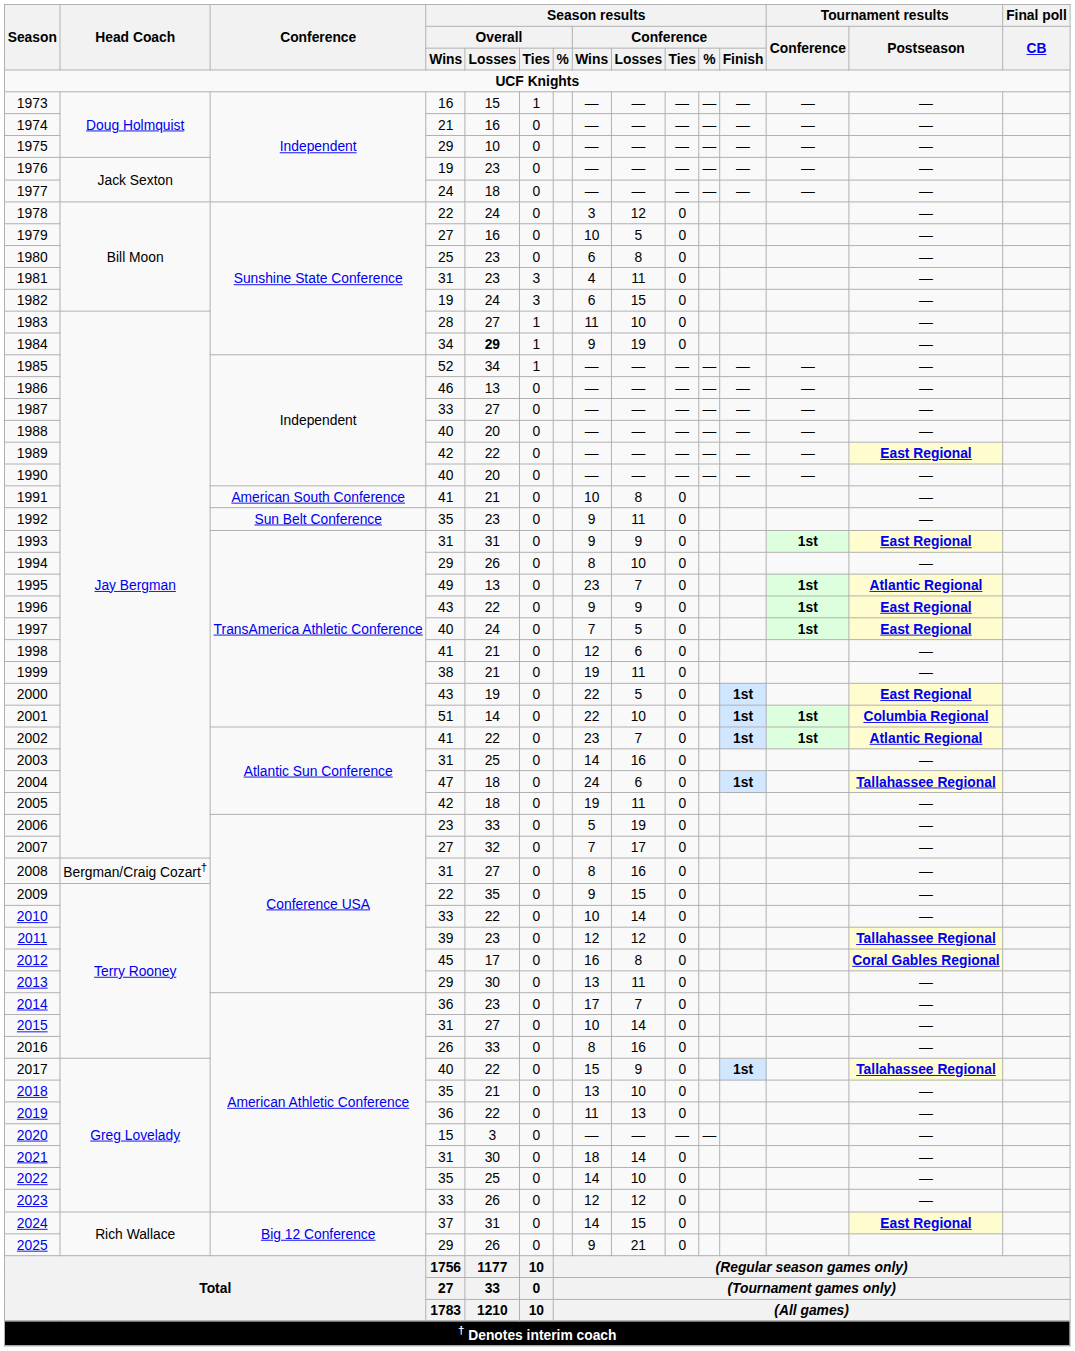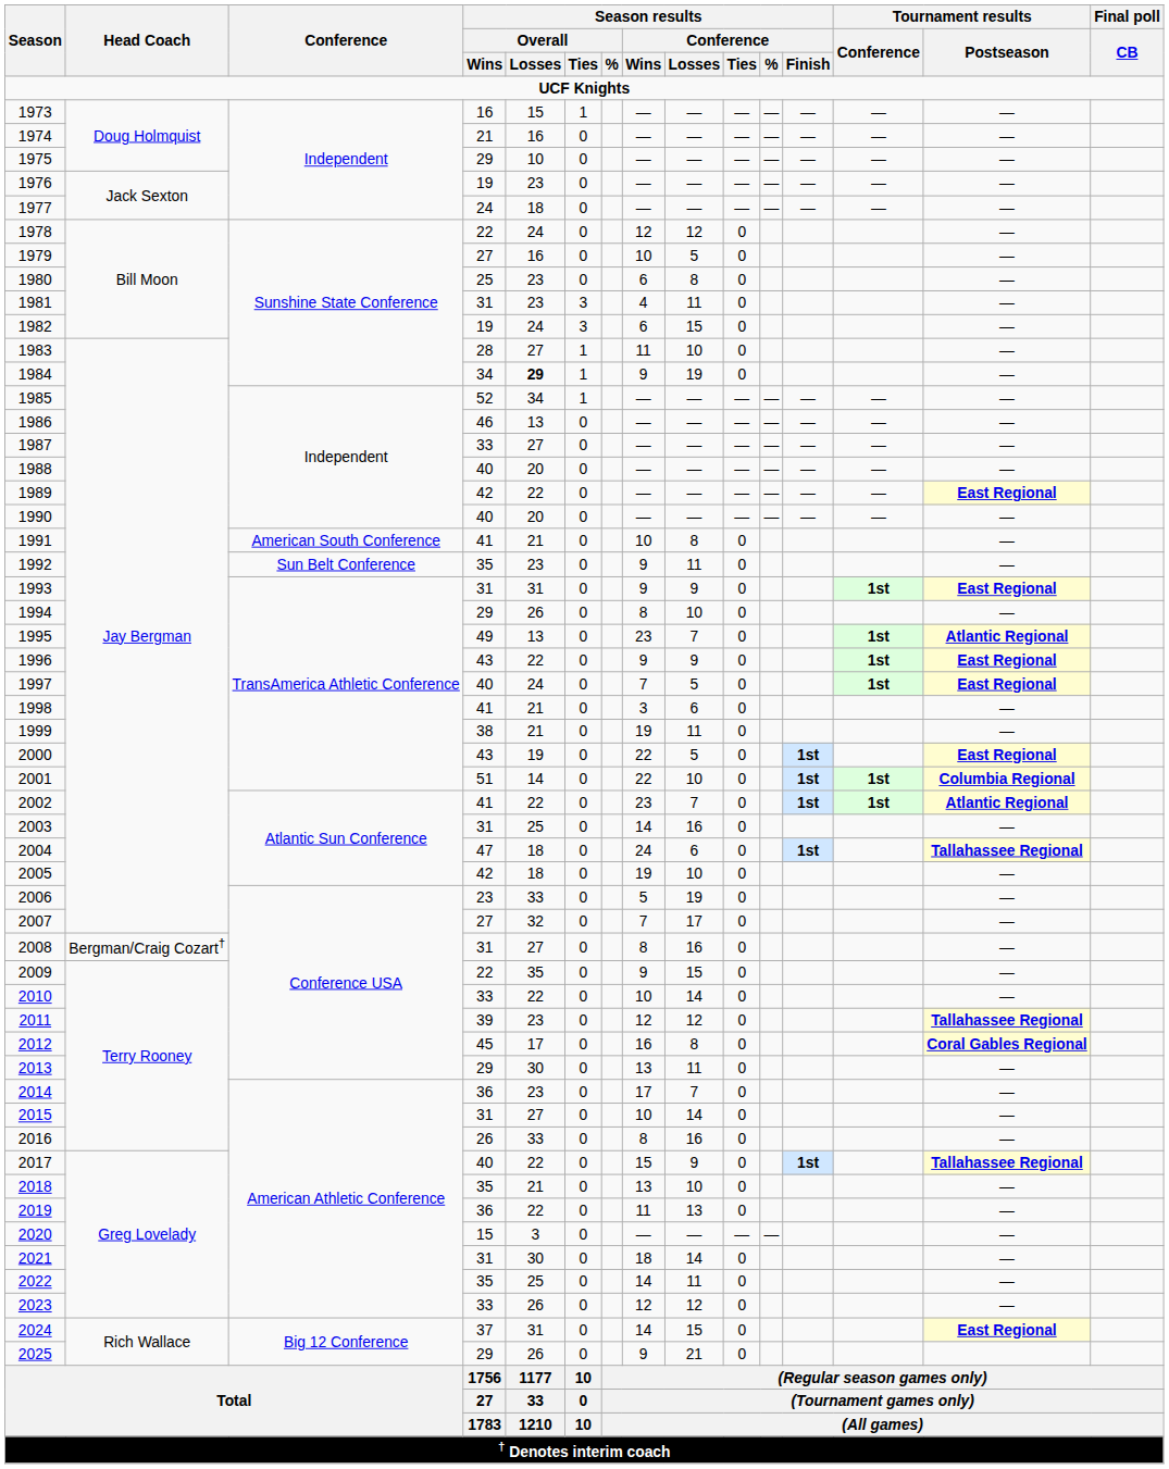 <table class="wikitable" style="font-size: 95%; text-align:center;">
 <tr>
 <th rowspan="3">Season</th>
 <th rowspan="3">Head Coach</th>
 <th rowspan="3">Conference</th>
 <th colspan="9">Season results</th>
 <th colspan="2">Tournament results</th>
 <th colspan="1">Final poll</th>
 </tr>
 <tr>
 <th colspan=4>Overall</th>
 <th colspan=5>Conference</th>
 <th rowspan=2>Conference</th>
 <th rowspan=2>Postseason</th>
 <th rowspan=2><a href='#'>CB</a></th>
 </tr>
 <tr>
 <th>Wins</th>
 <th>Losses</th>
 <th>Ties</th>
 <th>%</th>
 <th>Wins</th>
 <th>Losses</th>
 <th>Ties</th>
 <th>%</th>
 <th>Finish</th>
 </tr>
 <tr>
 <td colspan=17><strong>UCF Knights</strong></td>
 </tr>
 <tr>
 <td align="center">1973</td>
 <td align="center" rowspan=3><a href='#'>Doug Holmquist</a></td>
 <td align="center" rowspan=5><a href='#'>Independent</a></td>
 <td align="center">16</td>
 <td align="center">15</td>
 <td align="center">1</td>
 <td align="center"></td>
 <td align="center">—</td>
 <td align="center">—</td>
 <td align="center">—</td>
 <td align="center">—</td>
 <td align="center">—</td>
 <td align="center">—</td>
 <td align="center">—</td>
 <td align="center"></td>
 </tr>
 <tr>
 <td align="center">1974</td>
 <td align="center">21</td>
 <td align="center">16</td>
 <td align="center">0</td>
 <td align="center"></td>
 <td align="center">—</td>
 <td align="center">—</td>
 <td align="center">—</td>
 <td align="center">—</td>
 <td align="center">—</td>
 <td align="center">—</td>
 <td align="center">—</td>
 <td align="center"></td>
 </tr>
 <tr>
 <td align="center">1975</td>
 <td align="center">29</td>
 <td align="center">10</td>
 <td align="center">0</td>
 <td align="center"></td>
 <td align="center">—</td>
 <td align="center">—</td>
 <td align="center">—</td>
 <td align="center">—</td>
 <td align="center">—</td>
 <td align="center">—</td>
 <td align="center">—</td>
 <td align="center"></td>
 </tr>
 <tr>
 <td align="center">1976</td>
 <td align="center" rowspan=2>Jack Sexton</td>
 <td align="center">19</td>
 <td align="center">23</td>
 <td align="center">0</td>
 <td align="center"></td>
 <td align="center">—</td>
 <td align="center">—</td>
 <td align="center">—</td>
 <td align="center">—</td>
 <td align="center">—</td>
 <td align="center">—</td>
 <td align="center">—</td>
 <td align="center"></td>
 </tr>
 <tr>
 <td align="center">1977</td>
 <td align="center">24</td>
 <td align="center">18</td>
 <td align="center">0</td>
 <td align="center"></td>
 <td align="center">—</td>
 <td align="center">—</td>
 <td align="center">—</td>
 <td align="center">—</td>
 <td align="center">—</td>
 <td align="center">—</td>
 <td align="center">—</td>
 <td align="center"></td>
 </tr>
 <tr>
 <td align="center">1978</td>
 <td align="center" rowspan=5>Bill Moon</td>
 <td align="center" rowspan=7><a href='#'>Sunshine State Conference</a></td>
 <td align="center">22</td>
 <td align="center">24</td>
 <td align="center">0</td>
 <td align="center"></td>
-<td align="center">3</td>
+<td align="center">12</td>
 <td align="center">12</td>
 <td align="center">0</td>
 <td align="center"></td>
 <td align="center"></td>
 <td align="center"></td>
 <td align="center">—</td>
 <td align="center"></td>
 </tr>
 <tr>
 <td align="center">1979</td>
 <td align="center">27</td>
 <td align="center">16</td>
 <td align="center">0</td>
 <td align="center"></td>
 <td align="center">10</td>
 <td align="center">5</td>
 <td align="center">0</td>
 <td align="center"></td>
 <td align="center"></td>
 <td align="center"></td>
 <td align="center">—</td>
 <td align="center"></td>
 </tr>
 <tr>
 <td align="center">1980</td>
 <td align="center">25</td>
 <td align="center">23</td>
 <td align="center">0</td>
 <td align="center"></td>
 <td align="center">6</td>
 <td align="center">8</td>
 <td align="center">0</td>
 <td align="center"></td>
 <td align="center"></td>
 <td align="center"></td>
 <td align="center">—</td>
 <td align="center"></td>
 </tr>
 <tr>
 <td align="center">1981</td>
 <td align="center">31</td>
 <td align="center">23</td>
 <td align="center">3</td>
 <td align="center"></td>
 <td align="center">4</td>
 <td align="center">11</td>
 <td align="center">0</td>
 <td align="center"></td>
 <td align="center"></td>
 <td align="center"></td>
 <td align="center">—</td>
 <td align="center"></td>
 </tr>
 <tr>
 <td align="center">1982</td>
 <td align="center">19</td>
 <td align="center">24</td>
 <td align="center">3</td>
 <td align="center"></td>
 <td align="center">6</td>
 <td align="center">15</td>
 <td align="center">0</td>
 <td align="center"></td>
 <td align="center"></td>
 <td align="center"></td>
 <td align="center">—</td>
 <td align="center"></td>
 </tr>
 <tr>
 <td align="center">1983</td>
 <td align="center" rowspan=25><a href='#'>Jay Bergman</a></td>
 <td align="center">28</td>
 <td align="center">27</td>
 <td align="center">1</td>
 <td align="center"></td>
 <td align="center">11</td>
 <td align="center">10</td>
 <td align="center">0</td>
 <td align="center"></td>
 <td align="center"></td>
 <td align="center"></td>
 <td align="center">—</td>
 <td align="center"></td>
 </tr>
 <tr>
 <td align="center">1984</td>
 <td align="center">34</td>
 <td align="center"><strong>29</strong></td>
 <td align="center">1</td>
 <td align="center"></td>
 <td align="center">9</td>
 <td align="center">19</td>
 <td align="center">0</td>
 <td align="center"></td>
 <td align="center"></td>
 <td align="center"></td>
 <td align="center">—</td>
 <td align="center"></td>
 </tr>
 <tr>
 <td align="center">1985</td>
 <td align="center" rowspan=6>Independent</td>
 <td align="center">52</td>
 <td align="center">34</td>
 <td align="center">1</td>
 <td align="center"></td>
 <td align="center">—</td>
 <td align="center">—</td>
 <td align="center">—</td>
 <td align="center">—</td>
 <td align="center">—</td>
 <td align="center">—</td>
 <td align="center">—</td>
 <td align="center"></td>
 </tr>
 <tr>
 <td align="center">1986</td>
 <td align="center">46</td>
 <td align="center">13</td>
 <td align="center">0</td>
 <td align="center"></td>
 <td align="center">—</td>
 <td align="center">—</td>
 <td align="center">—</td>
 <td align="center">—</td>
 <td align="center">—</td>
 <td align="center">—</td>
 <td align="center">—</td>
 <td align="center"></td>
 </tr>
 <tr>
 <td align="center">1987</td>
 <td align="center">33</td>
 <td align="center">27</td>
 <td align="center">0</td>
 <td align="center"></td>
 <td align="center">—</td>
 <td align="center">—</td>
 <td align="center">—</td>
 <td align="center">—</td>
 <td align="center">—</td>
 <td align="center">—</td>
 <td align="center">—</td>
 <td align="center"></td>
 </tr>
 <tr>
 <td align="center">1988</td>
 <td align="center">40</td>
 <td align="center">20</td>
 <td align="center">0</td>
 <td align="center"></td>
 <td align="center">—</td>
 <td align="center">—</td>
 <td align="center">—</td>
 <td align="center">—</td>
 <td align="center">—</td>
 <td align="center">—</td>
 <td align="center">—</td>
 <td align="center"></td>
 </tr>
 <tr>
 <td align="center">1989</td>
 <td align="center">42</td>
 <td align="center">22</td>
 <td align="center">0</td>
 <td align="center"></td>
 <td align="center">—</td>
 <td align="center">—</td>
 <td align="center">—</td>
 <td align="center">—</td>
 <td align="center">—</td>
 <td align="center">—</td>
 <td align="center" style="background: #fffdd0;"><strong><a href='#'>East Regional</a></strong></td>
 <td align="center"></td>
 </tr>
 <tr>
 <td align="center">1990</td>
 <td align="center">40</td>
 <td align="center">20</td>
 <td align="center">0</td>
 <td align="center"></td>
 <td align="center">—</td>
 <td align="center">—</td>
 <td align="center">—</td>
 <td align="center">—</td>
 <td align="center">—</td>
 <td align="center">—</td>
 <td align="center">—</td>
 <td align="center"></td>
 </tr>
 <tr>
 <td align="center">1991</td>
 <td align="center"><a href='#'>American South Conference</a></td>
 <td align="center">41</td>
 <td align="center">21</td>
 <td align="center">0</td>
 <td align="center"></td>
 <td align="center">10</td>
 <td align="center">8</td>
 <td align="center">0</td>
 <td align="center"></td>
 <td align="center"></td>
 <td align="center"></td>
 <td align="center">—</td>
 <td align="center"></td>
 </tr>
 <tr>
 <td align="center">1992</td>
 <td align="center"><a href='#'>Sun Belt Conference</a></td>
 <td align="center">35</td>
 <td align="center">23</td>
 <td align="center">0</td>
 <td align="center"></td>
 <td align="center">9</td>
 <td align="center">11</td>
 <td align="center">0</td>
 <td align="center"></td>
 <td align="center"></td>
 <td align="center"></td>
 <td align="center">—</td>
 <td align="center"></td>
 </tr>
 <tr>
 <td align="center">1993</td>
 <td align="center" rowspan=9><a href='#'>TransAmerica Athletic Conference</a></td>
 <td align="center">31</td>
 <td align="center">31</td>
 <td align="center">0</td>
 <td align="center"></td>
 <td align="center">9</td>
 <td align="center">9</td>
 <td align="center">0</td>
 <td align="center"></td>
 <td align="center"></td>
 <td align="center" style="background: #DDFFDD;"><strong>1st</strong></td>
 <td align="center" style="background: #fffdd0;"><strong><a href='#'>East Regional</a></strong></td>
 <td align="center"></td>
 </tr>
 <tr>
 <td align="center">1994</td>
 <td align="center">29</td>
 <td align="center">26</td>
 <td align="center">0</td>
 <td align="center"></td>
 <td align="center">8</td>
 <td align="center">10</td>
 <td align="center">0</td>
 <td align="center"></td>
 <td align="center"></td>
 <td align="center"></td>
 <td align="center">—</td>
 <td align="center"></td>
 </tr>
 <tr>
 <td align="center">1995</td>
 <td align="center">49</td>
 <td align="center">13</td>
 <td align="center">0</td>
 <td align="center"></td>
 <td align="center">23</td>
 <td align="center">7</td>
 <td align="center">0</td>
 <td align="center"></td>
 <td align="center"></td>
 <td align="center" style="background: #DDFFDD;"><strong>1st</strong></td>
 <td align="center" style="background: #fffdd0;"><strong><a href='#'>Atlantic Regional</a></strong></td>
 <td align="center"></td>
 </tr>
 <tr>
 <td align="center">1996</td>
 <td align="center">43</td>
 <td align="center">22</td>
 <td align="center">0</td>
 <td align="center"></td>
 <td align="center">9</td>
 <td align="center">9</td>
 <td align="center">0</td>
 <td align="center"></td>
 <td align="center"></td>
 <td align="center" style="background: #DDFFDD;"><strong>1st</strong></td>
 <td align="center" style="background: #fffdd0;"><strong><a href='#'>East Regional</a></strong></td>
 <td align="center"></td>
 </tr>
 <tr>
 <td align="center">1997</td>
 <td align="center">40</td>
 <td align="center">24</td>
 <td align="center">0</td>
 <td align="center"></td>
 <td align="center">7</td>
 <td align="center">5</td>
 <td align="center">0</td>
 <td align="center"></td>
 <td align="center"></td>
 <td align="center" style="background: #DDFFDD;"><strong>1st</strong></td>
 <td align="center" style="background: #fffdd0;"><strong><a href='#'>East Regional</a></strong></td>
 <td align="center"></td>
 </tr>
 <tr>
 <td align="center">1998</td>
 <td align="center">41</td>
 <td align="center">21</td>
 <td align="center">0</td>
 <td align="center"></td>
-<td align="center">12</td>
+<td align="center">3</td>
 <td align="center">6</td>
 <td align="center">0</td>
 <td align="center"></td>
 <td align="center"></td>
 <td align="center"></td>
 <td align="center">—</td>
 <td align="center"></td>
 </tr>
 <tr>
 <td align="center">1999</td>
 <td align="center">38</td>
 <td align="center">21</td>
 <td align="center">0</td>
 <td align="center"></td>
 <td align="center">19</td>
 <td align="center">11</td>
 <td align="center">0</td>
 <td align="center"></td>
 <td align="center"></td>
 <td align="center"></td>
 <td align="center">—</td>
 <td align="center"></td>
 </tr>
 <tr>
 <td align="center">2000</td>
 <td align="center">43</td>
 <td align="center">19</td>
 <td align="center">0</td>
 <td align="center"></td>
 <td align="center">22</td>
 <td align="center">5</td>
 <td align="center">0</td>
 <td align="center"></td>
 <td align="center" style="background: #D0E7FF;"><strong>1st</strong></td>
 <td align="center"></td>
 <td align="center" style="background: #fffdd0;"><strong><a href='#'>East Regional</a></strong></td>
 <td align="center"></td>
 </tr>
 <tr>
 <td align="center">2001</td>
 <td align="center">51</td>
 <td align="center">14</td>
 <td align="center">0</td>
 <td align="center"></td>
 <td align="center">22</td>
 <td align="center">10</td>
 <td align="center">0</td>
 <td align="center"></td>
 <td align="center" style="background: #D0E7FF;"><strong>1st</strong></td>
 <td align="center" style="background: #DDFFDD;"><strong>1st</strong></td>
 <td align="center" style="background: #fffdd0;"><strong><a href='#'>Columbia Regional</a></strong></td>
 <td align="center"></td>
 </tr>
 <tr>
 <td align="center">2002</td>
 <td align="center" rowspan=4><a href='#'>Atlantic Sun Conference</a></td>
 <td align="center">41</td>
 <td align="center">22</td>
 <td align="center">0</td>
 <td align="center"></td>
 <td align="center">23</td>
 <td align="center">7</td>
 <td align="center">0</td>
 <td align="center"></td>
 <td align="center" style="background: #D0E7FF;"><strong>1st</strong></td>
 <td align="center" style="background: #DDFFDD;"><strong>1st</strong></td>
 <td align="center" style="background: #fffdd0;"><strong><a href='#'>Atlantic Regional</a></strong></td>
 <td align="center"></td>
 </tr>
 <tr>
 <td align="center">2003</td>
 <td align="center">31</td>
 <td align="center">25</td>
 <td align="center">0</td>
 <td align="center"></td>
 <td align="center">14</td>
 <td align="center">16</td>
 <td align="center">0</td>
 <td align="center"></td>
 <td align="center"></td>
 <td align="center"></td>
 <td align="center">—</td>
 <td align="center"></td>
 </tr>
 <tr>
 <td align="center">2004</td>
 <td align="center">47</td>
 <td align="center">18</td>
 <td align="center">0</td>
 <td align="center"></td>
 <td align="center">24</td>
 <td align="center">6</td>
 <td align="center">0</td>
 <td align="center"></td>
 <td align="center" style="background: #D0E7FF;"><strong>1st</strong></td>
 <td align="center"></td>
 <td align="center" style="background: #fffdd0;"><strong><a href='#'>Tallahassee Regional</a></strong></td>
 <td align="center"></td>
 </tr>
 <tr>
 <td align="center">2005</td>
 <td align="center">42</td>
 <td align="center">18</td>
 <td align="center">0</td>
 <td align="center"></td>
 <td align="center">19</td>
-<td align="center">11</td>
+<td align="center">10</td>
 <td align="center">0</td>
 <td align="center"></td>
 <td align="center"></td>
 <td align="center"></td>
 <td align="center">—</td>
 <td align="center"></td>
 </tr>
 <tr>
 <td align="center">2006</td>
 <td align="center" rowspan=8><a href='#'>Conference USA</a></td>
 <td align="center">23</td>
 <td align="center">33</td>
 <td align="center">0</td>
 <td align="center"></td>
 <td align="center">5</td>
 <td align="center">19</td>
 <td align="center">0</td>
 <td align="center"></td>
 <td align="center"></td>
 <td align="center"></td>
 <td align="center">—</td>
 <td align="center"></td>
 </tr>
 <tr>
 <td align="center">2007</td>
 <td align="center">27</td>
 <td align="center">32</td>
 <td align="center">0</td>
 <td align="center"></td>
 <td align="center">7</td>
 <td align="center">17</td>
 <td align="center">0</td>
 <td align="center"></td>
 <td align="center"></td>
 <td align="center"></td>
 <td align="center">—</td>
 <td align="center"></td>
 </tr>
 <tr>
 <td align="center">2008</td>
 <td align="center">Bergman/Craig Cozart<sup>†</sup></td>
 <td align="center">31</td>
 <td align="center">27</td>
 <td align="center">0</td>
 <td align="center"></td>
 <td align="center">8</td>
 <td align="center">16</td>
 <td align="center">0</td>
 <td align="center"></td>
 <td align="center"></td>
 <td align="center"></td>
 <td align="center">—</td>
 <td align="center"></td>
 </tr>
 <tr>
 <td align="center">2009</td>
 <td rowspan="8" align="center"><a href='#'>Terry Rooney</a></td>
 <td align="center">22</td>
 <td align="center">35</td>
 <td align="center">0</td>
 <td align="center"></td>
 <td align="center">9</td>
 <td align="center">15</td>
 <td align="center">0</td>
 <td align="center"></td>
 <td align="center"></td>
 <td align="center"></td>
 <td align="center">—</td>
 <td align="center"></td>
 </tr>
 <tr>
 <td align="center"><a href='#'>2010</a></td>
 <td align="center">33</td>
 <td align="center">22</td>
 <td align="center">0</td>
 <td align="center"></td>
 <td align="center">10</td>
 <td align="center">14</td>
 <td align="center">0</td>
 <td align="center"></td>
 <td align="center"></td>
 <td align="center"></td>
 <td align="center">—</td>
 <td align="center"></td>
 </tr>
 <tr>
 <td align="center"><a href='#'>2011</a></td>
 <td align="center">39</td>
 <td align="center">23</td>
 <td align="center">0</td>
 <td align="center"></td>
 <td align="center">12</td>
 <td align="center">12</td>
 <td align="center">0</td>
 <td align="center"></td>
 <td align="center"></td>
 <td align="center"></td>
 <td align="center" style="background: #fffdd0;"><strong><a href='#'>Tallahassee Regional</a></strong></td>
 <td align="center"></td>
 </tr>
 <tr>
 <td align="center"><a href='#'>2012</a></td>
 <td align="center">45</td>
 <td align="center">17</td>
 <td align="center">0</td>
 <td align="center"></td>
 <td align="center">16</td>
 <td align="center">8</td>
 <td align="center">0</td>
 <td align="center"></td>
 <td align="center"></td>
 <td align="center"></td>
 <td align="center" style="background: #fffdd0;"><strong><a href='#'>Coral Gables Regional</a></strong></td>
 <td align="center"></td>
 </tr>
 <tr>
 <td align="center"><a href='#'>2013</a></td>
 <td align="center">29</td>
 <td align="center">30</td>
 <td align="center">0</td>
 <td align="center"></td>
 <td align="center">13</td>
 <td align="center">11</td>
 <td align="center">0</td>
 <td align="center"></td>
 <td align="center"></td>
 <td align="center"></td>
 <td align="center">—</td>
 <td align="center"></td>
 </tr>
 <tr>
 <td align="center"><a href='#'>2014</a></td>
 <td align="center" rowspan=10><a href='#'>American Athletic Conference</a></td>
 <td align="center">36</td>
 <td align="center">23</td>
 <td align="center">0</td>
 <td align="center"></td>
 <td align="center">17</td>
 <td align="center">7</td>
 <td align="center">0</td>
 <td align="center"></td>
 <td align="center"></td>
 <td align="center"></td>
 <td align="center">—</td>
 <td align="center"></td>
 </tr>
 <tr>
 <td align="center"><a href='#'>2015</a></td>
 <td align="center">31</td>
 <td align="center">27</td>
 <td align="center">0</td>
 <td align="center"></td>
 <td align="center">10</td>
 <td align="center">14</td>
 <td align="center">0</td>
 <td align="center"></td>
 <td align="center"></td>
 <td align="center"></td>
 <td align="center">—</td>
 <td align="center"></td>
 </tr>
 <tr>
 <td align="center">2016</td>
 <td align="center">26</td>
 <td align="center">33</td>
 <td align="center">0</td>
 <td align="center"></td>
 <td align="center">8</td>
 <td align="center">16</td>
 <td align="center">0</td>
 <td align="center"></td>
 <td align="center"></td>
 <td align="center"></td>
 <td align="center">—</td>
 <td align="center"></td>
 </tr>
 <tr>
 <td align="center">2017</td>
 <td rowspan="7" align="center"><a href='#'>Greg Lovelady</a></td>
 <td align="center">40</td>
 <td align="center">22</td>
 <td align="center">0</td>
 <td align="center"></td>
 <td align="center">15</td>
 <td align="center">9</td>
 <td align="center">0</td>
 <td align="center"></td>
 <td align="center" style="background: #D0E7FF;"><strong>1st</strong></td>
 <td align="center"></td>
 <td align="center" style="background: #fffdd0;"><strong><a href='#'>Tallahassee Regional</a></strong></td>
 <td align="center"></td>
 </tr>
 <tr>
 <td align="center"><a href='#'>2018</a></td>
 <td align="center">35</td>
 <td align="center">21</td>
 <td align="center">0</td>
 <td align="center"></td>
 <td align="center">13</td>
 <td align="center">10</td>
 <td align="center">0</td>
 <td align="center"></td>
 <td align="center"></td>
 <td align="center"></td>
 <td align="center">—</td>
 <td align="center"></td>
 </tr>
 <tr>
 <td align="center"><a href='#'>2019</a></td>
 <td align="center">36</td>
 <td align="center">22</td>
 <td align="center">0</td>
 <td align="center"></td>
 <td align="center">11</td>
 <td align="center">13</td>
 <td align="center">0</td>
 <td align="center"></td>
 <td align="center"></td>
 <td align="center"></td>
 <td align="center">—</td>
 <td align="center"></td>
 </tr>
 <tr>
 <td align="center"><a href='#'>2020</a></td>
 <td align="center">15</td>
 <td align="center">3</td>
 <td align="center">0</td>
 <td align="center"></td>
 <td align="center">—</td>
 <td align="center">—</td>
 <td align="center">—</td>
 <td align="center">—</td>
 <td align="center"></td>
 <td align="center"></td>
 <td align="center">—</td>
 <td align="center"></td>
 </tr>
 <tr>
 <td align="center"><a href='#'>2021</a></td>
 <td align="center">31</td>
 <td align="center">30</td>
 <td align="center">0</td>
 <td align="center"></td>
 <td align="center">18</td>
 <td align="center">14</td>
 <td align="center">0</td>
 <td align="center"></td>
 <td align="center"></td>
 <td align="center"></td>
 <td align="center">—</td>
 <td align="center"></td>
 </tr>
 <tr>
 <td align="center"><a href='#'>2022</a></td>
 <td align="center">35</td>
 <td align="center">25</td>
 <td align="center">0</td>
 <td align="center"></td>
 <td align="center">14</td>
-<td align="center">10</td>
+<td align="center">11</td>
 <td align="center">0</td>
 <td align="center"></td>
 <td align="center"></td>
 <td align="center"></td>
 <td align="center">—</td>
 <td align="center"></td>
 </tr>
 <tr>
 <td align="center"><a href='#'>2023</a></td>
 <td align="center">33</td>
 <td align="center">26</td>
 <td align="center">0</td>
 <td align="center"></td>
 <td align="center">12</td>
 <td align="center">12</td>
 <td align="center">0</td>
 <td align="center"></td>
 <td align="center"></td>
 <td align="center"></td>
 <td align="center">—</td>
 <td align="center"></td>
 </tr>
 <tr>
 <td align="center"><a href='#'>2024</a></td>
 <td rowspan="2" align="center">Rich Wallace</td>
 <td rowspan="2" align="center"><a href='#'>Big 12 Conference</a></td>
 <td align="center">37</td>
 <td align="center">31</td>
 <td align="center">0</td>
 <td align="center"></td>
 <td align="center">14</td>
 <td align="center">15</td>
 <td align="center">0</td>
 <td align="center"></td>
 <td align="center"></td>
 <td align="center"></td>
 <td align="center" style="background: #fffdd0;"><strong><a href='#'>East Regional</a></strong></td>
 <td align="center"></td>
 </tr>
 <tr>
 <td align="center"><a href='#'>2025</a></td>
 <td align="center">29</td>
 <td align="center">26</td>
 <td align="center">0</td>
 <td align="center"></td>
 <td align="center">9</td>
 <td align="center">21</td>
 <td align="center">0</td>
 <td align="center"></td>
 <td align="center"></td>
 <td align="center"></td>
 <td align="center"></td>
 <td align="center"></td>
 </tr>
 <tr>
 <th align="center" rowSpan="3" colSpan="3">Total</th>
 <th align="center">1756</th>
 <th align="center">1177</th>
 <th align="center">10</th>
 <th colSpan="9" align="center"><em>(Regular season games only)</em></th>
 </tr>
 <tr>
 <th align="center">27</th>
 <th align="center">33</th>
 <th align="center">0</th>
 <th colSpan="9" align="center"><em>(Tournament games only)</em></th>
 </tr>
 <tr>
 <th align="center">1783</th>
 <th align="center">1210</th>
 <th align="center">10</th>
 <th colSpan="9" align="center"><em>(All games)</em></th>
 </tr>
 <tr>
 <th colSpan="15" align="center" style="background:black; color: white;"><sup>†</sup> Denotes interim coach</th>
 </tr>
 <tr>
 </tr>
 </table>
